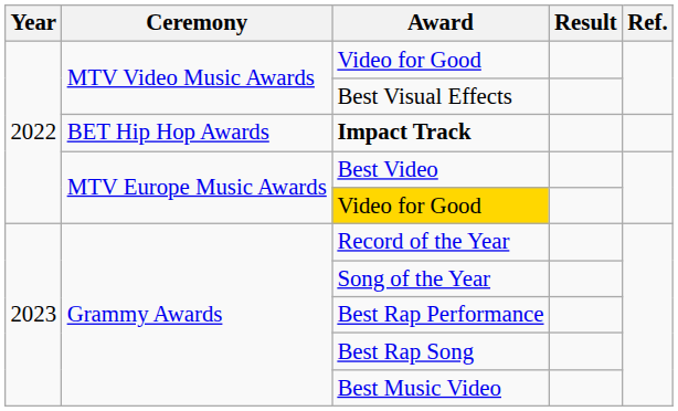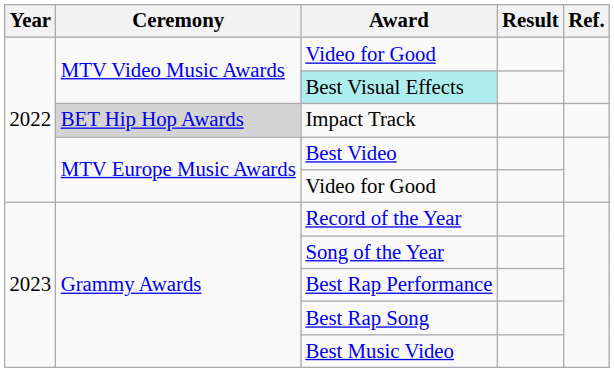 <table class="wikitable plainrowheaders">
 <tr>
 <th scope="col">Year</th>
 <th scope="col">Ceremony</th>
 <th scope="col">Award</th>
 <th scope="col">Result</th>
 <th scope="col">Ref.</th>
 </tr>
 <tr>
 <td rowspan="5">2022</td>
 <td rowspan="2"><a href='#'>MTV Video Music Awards</a></td>
 <td><a href='#'>Video for Good</a></td>
 <td></td>
 <td rowspan="2" style="text-align:center;"></td>
 </tr>
 <tr>
-<td>Best Visual Effects</td>
+<td style="background: paleturquoise;">Best Visual Effects</td>
 <td></td>
 </tr>
 <tr>
-<td><a href='#'>BET Hip Hop Awards</a></td>
-<td><strong>Impact Track</strong></td>
+<td style="background: lightgrey;"><a href='#'>BET Hip Hop Awards</a></td>
+<td>Impact Track</td>
 <td></td>
 <td style="text-align:center"></td>
 </tr>
 <tr>
 <td rowspan="2"><a href='#'>MTV Europe Music Awards</a></td>
 <td><a href='#'>Best Video</a></td>
 <td></td>
 <td rowspan="2" style="text-align:center"></td>
 </tr>
 <tr>
-<td style="background: gold;">Video for Good</td>
+<td>Video for Good</td>
 <td></td>
 </tr>
 <tr>
 <td rowspan="5">2023</td>
 <td rowspan="5"><a href='#'>Grammy Awards</a></td>
 <td><a href='#'>Record of the Year</a></td>
 <td></td>
 <td rowspan="5" style="text-align:center"></td>
 </tr>
 <tr>
 <td><a href='#'>Song of the Year</a></td>
 <td></td>
 </tr>
 <tr>
 <td><a href='#'>Best Rap Performance</a></td>
 <td></td>
 </tr>
 <tr>
 <td><a href='#'>Best Rap Song</a></td>
 <td></td>
 </tr>
 <tr>
 <td><a href='#'>Best Music Video</a></td>
 <td></td>
 </tr>
 </table>
